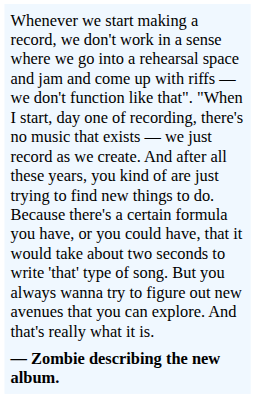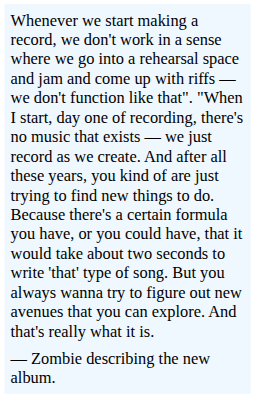 <table class="toccolours" style="float: right; margin-left: 1em; margin-right: 2em; font-size: 95%; background:#F0F8FF; color:black; width:15em; max-width: 40%;" cellspacing="5">
 <tr>
 <td style="text-align: left;">Whenever we start making a record, we don't work in a sense where we go into a rehearsal space and jam and come up with riffs — we don't function like that". "When I start, day one of recording, there's no music that exists — we just record as we create. And after all these years, you kind of are just trying to find new things to do. Because there's a certain formula you have, or you could have, that it would take about two seconds to write 'that' type of song. But you always wanna try to figure out new avenues that you can explore. And that's really what it is.</td>
 </tr>
 <tr>
-<td style="text-align: left;"><strong>— Zombie describing the new album.</strong></td>
+<td style="text-align: left;">— Zombie describing the new album.</td>
 </tr>
 </table>
